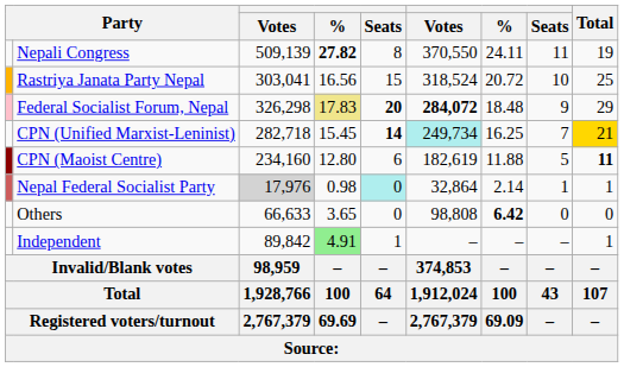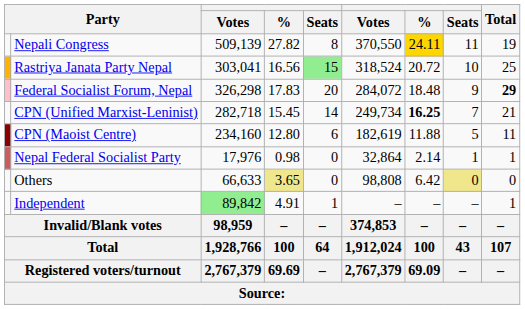 <table class="wikitable" style="text-align:right">
 <tr>
 <th colspan="2" rowspan="2">Party</th>
 <th colspan="3"></th>
 <th colspan="3"></th>
 <th rowspan="2">Total</th>
 </tr>
 <tr>
 <th>Votes</th>
 <th>%</th>
 <th>Seats</th>
 <th>Votes</th>
 <th>%</th>
 <th>Seats</th>
 </tr>
 <tr>
 <td></td>
 <td align="left"><a href='#'>Nepali Congress</a></td>
 <td>509,139</td>
-<td><strong>27.82</strong></td>
+<td>27.82</td>
 <td>8</td>
 <td>370,550</td>
-<td>24.11</td>
+<td style="background: gold;">24.11</td>
 <td>11</td>
 <td>19</td>
 </tr>
 <tr>
 <td bgcolor="FFb300"></td>
 <td align="left"><a href='#'>Rastriya Janata Party Nepal</a></td>
 <td>303,041</td>
 <td>16.56</td>
-<td>15</td>
+<td style="background: lightgreen;">15</td>
 <td>318,524</td>
 <td>20.72</td>
 <td>10</td>
 <td>25</td>
 </tr>
 <tr>
 <td bgcolor="FFC0CB"></td>
 <td align="left"><a href='#'>Federal Socialist Forum, Nepal</a></td>
 <td>326,298</td>
-<td style="background: khaki;">17.83</td>
-<td><strong>20</strong></td>
-<td><strong>284,072</strong></td>
+<td>17.83</td>
+<td>20</td>
+<td>284,072</td>
 <td>18.48</td>
 <td>9</td>
-<td>29</td>
+<td><strong>29</strong></td>
 </tr>
 <tr>
 <td></td>
 <td align="left"><a href='#'>CPN (Unified Marxist-Leninist)</a></td>
 <td>282,718</td>
 <td>15.45</td>
-<td><strong>14</strong></td>
-<td style="background: paleturquoise;">249,734</td>
-<td>16.25</td>
+<td>14</td>
+<td>249,734</td>
+<td><strong>16.25</strong></td>
 <td>7</td>
-<td style="background: gold;">21</td>
+<td>21</td>
 </tr>
 <tr>
 <td bgcolor="8B0000"></td>
 <td align="left"><a href='#'>CPN (Maoist Centre)</a></td>
 <td>234,160</td>
 <td>12.80</td>
 <td>6</td>
 <td>182,619</td>
 <td>11.88</td>
 <td>5</td>
-<td><strong>11</strong></td>
+<td>11</td>
 </tr>
 <tr>
 <td bgcolor=#CD5C5C></td>
 <td align="left"><a href='#'>Nepal Federal Socialist Party</a></td>
-<td style="background: lightgrey;">17,976</td>
+<td>17,976</td>
 <td>0.98</td>
-<td style="background: paleturquoise;">0</td>
+<td>0</td>
 <td>32,864</td>
 <td>2.14</td>
 <td>1</td>
 <td>1</td>
 </tr>
 <tr>
 <td></td>
 <td align="left">Others</td>
 <td>66,633</td>
-<td>3.65</td>
+<td style="background: khaki;">3.65</td>
 <td>0</td>
 <td>98,808</td>
-<td><strong>6.42</strong></td>
-<td>0</td>
+<td>6.42</td>
+<td style="background: khaki;">0</td>
 <td>0</td>
 </tr>
 <tr>
 <td></td>
 <td align="left"><a href='#'>Independent</a></td>
-<td>89,842</td>
-<td style="background: lightgreen;">4.91</td>
+<td style="background: lightgreen;">89,842</td>
+<td>4.91</td>
 <td>1</td>
 <td>–</td>
 <td>–</td>
 <td>–</td>
 <td>1</td>
 </tr>
 <tr>
 <th colspan="2">Invalid/Blank votes</th>
 <th>98,959</th>
 <th>–</th>
 <th>–</th>
 <th>374,853</th>
 <th>–</th>
 <th>–</th>
 <th>–</th>
 </tr>
 <tr>
 <th colspan="2">Total</th>
 <th>1,928,766</th>
 <th>100</th>
 <th>64</th>
 <th>1,912,024</th>
 <th>100</th>
 <th>43</th>
 <th>107</th>
 </tr>
 <tr>
 <th colspan="2">Registered voters/turnout</th>
 <th>2,767,379</th>
 <th>69.69</th>
 <th>–</th>
 <th>2,767,379</th>
 <th>69.09</th>
 <th>–</th>
 <th>–</th>
 </tr>
 <tr>
 <th colspan="9">Source: </th>
 </tr>
 </table>
